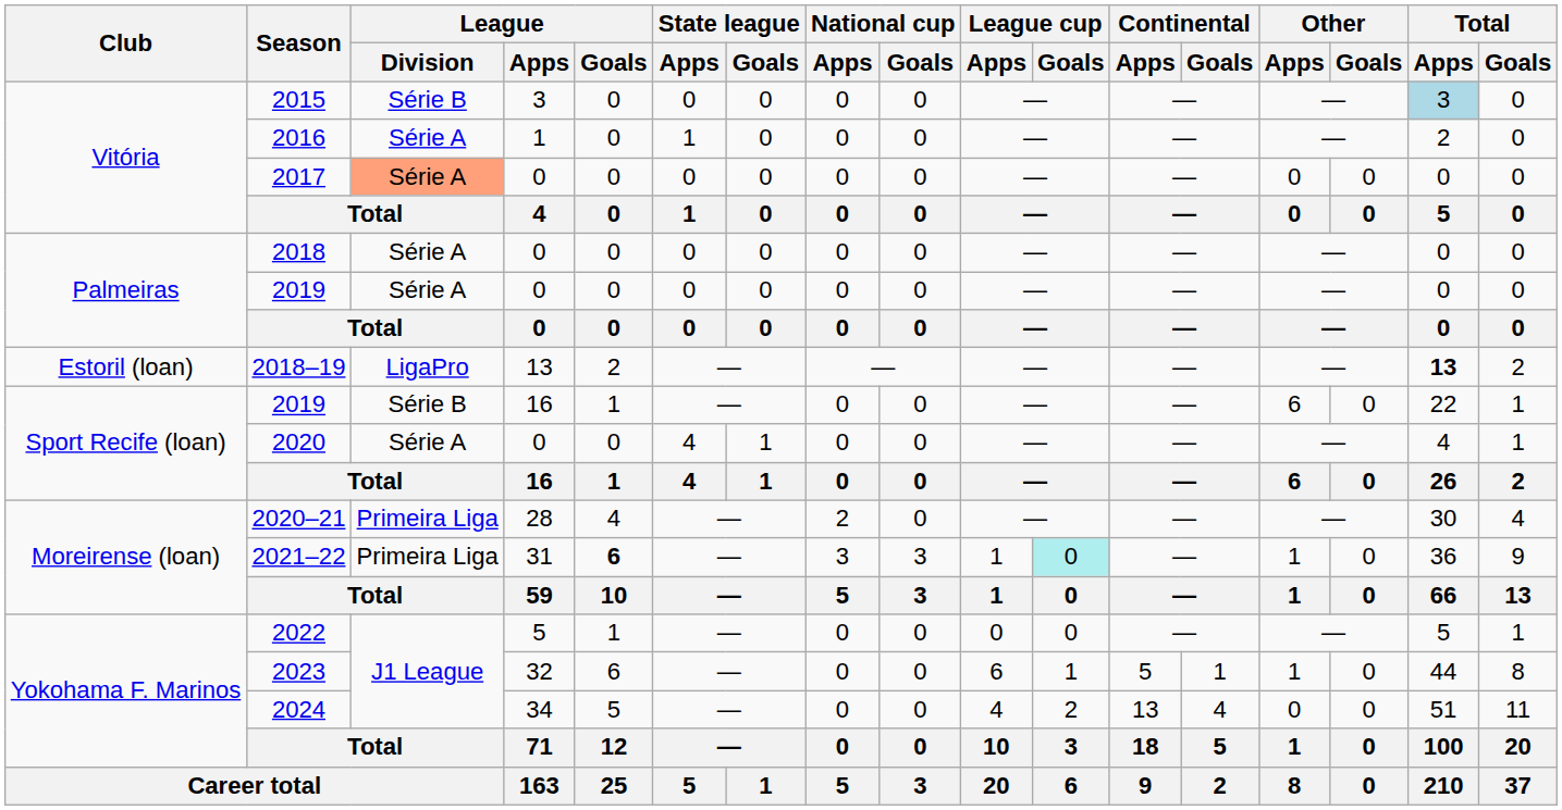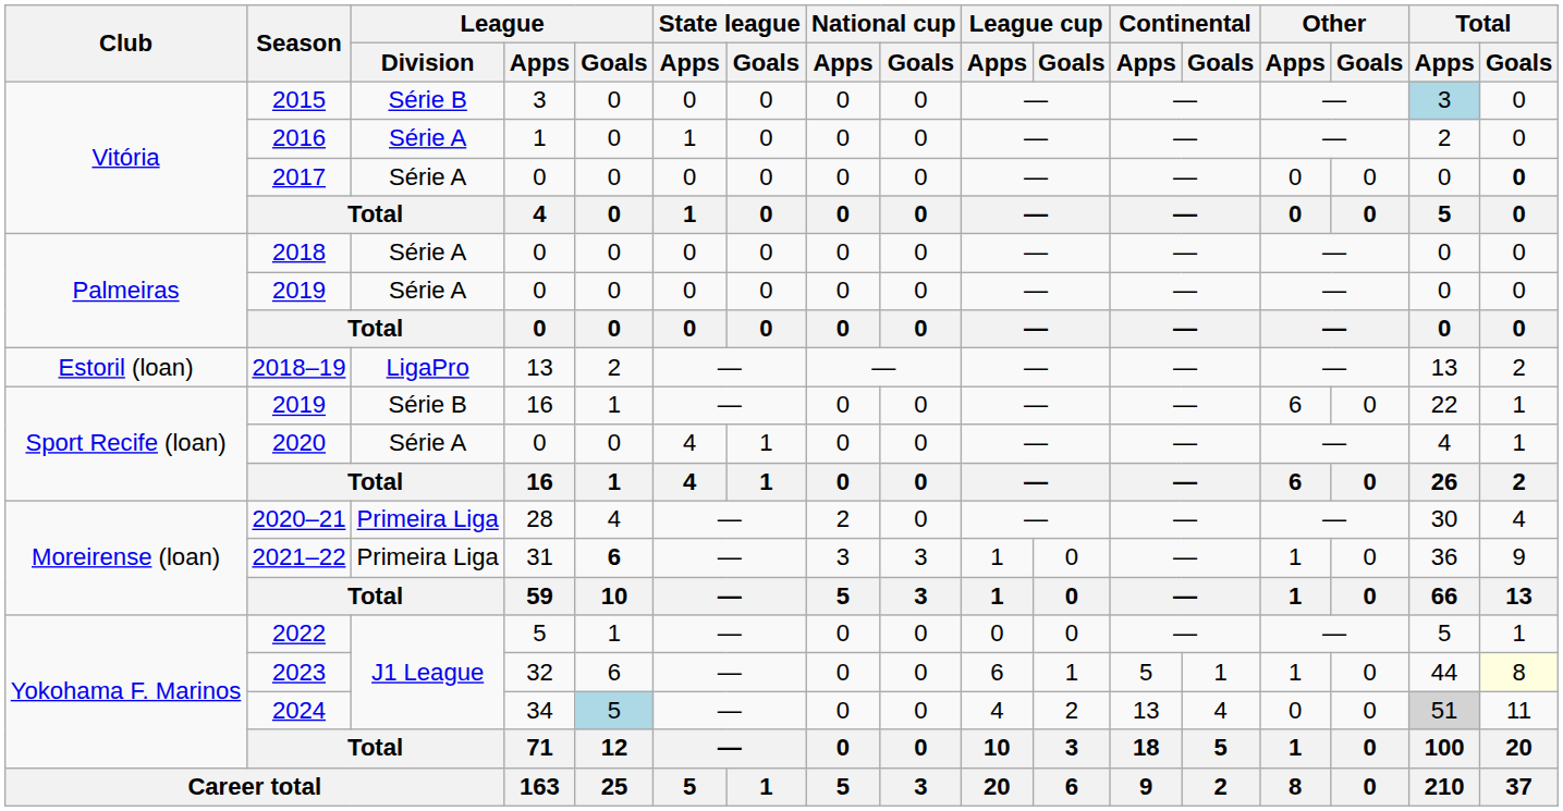 <table class="wikitable" style="text-align: center">
 <tr>
 <th rowspan="2">Club</th>
 <th rowspan="2">Season</th>
 <th colspan="3">League</th>
 <th colspan="2">State league</th>
 <th colspan="2">National cup</th>
 <th colspan="2">League cup</th>
 <th colspan="2">Continental</th>
 <th colspan="2">Other</th>
 <th colspan="2">Total</th>
 </tr>
 <tr>
 <th>Division</th>
 <th>Apps</th>
 <th>Goals</th>
 <th>Apps</th>
 <th>Goals</th>
 <th>Apps</th>
 <th>Goals</th>
 <th>Apps</th>
 <th>Goals</th>
 <th>Apps</th>
 <th>Goals</th>
 <th>Apps</th>
 <th>Goals</th>
 <th>Apps</th>
 <th>Goals</th>
 </tr>
 <tr>
 <td rowspan="4"><a href='#'>Vitória</a></td>
 <td><a href='#'>2015</a></td>
 <td><a href='#'>Série B</a></td>
 <td>3</td>
 <td>0</td>
 <td>0</td>
 <td>0</td>
 <td>0</td>
 <td>0</td>
 <td colspan="2">—</td>
 <td colspan="2">—</td>
 <td colspan="2">—</td>
 <td style="background: lightblue;">3</td>
 <td>0</td>
 </tr>
 <tr>
 <td><a href='#'>2016</a></td>
 <td><a href='#'>Série A</a></td>
 <td>1</td>
 <td>0</td>
 <td>1</td>
 <td>0</td>
 <td>0</td>
 <td>0</td>
 <td colspan="2">—</td>
 <td colspan="2">—</td>
 <td colspan="2">—</td>
 <td>2</td>
 <td>0</td>
 </tr>
 <tr>
 <td><a href='#'>2017</a></td>
-<td style="background: lightsalmon;">Série A</td>
+<td>Série A</td>
 <td>0</td>
 <td>0</td>
 <td>0</td>
 <td>0</td>
 <td>0</td>
 <td>0</td>
 <td colspan="2">—</td>
 <td colspan="2">—</td>
 <td>0</td>
 <td>0</td>
 <td>0</td>
-<td>0</td>
+<td><strong>0</strong></td>
 </tr>
 <tr>
 <th colspan="2">Total</th>
 <th>4</th>
 <th>0</th>
 <th>1</th>
 <th>0</th>
 <th>0</th>
 <th>0</th>
 <th colspan="2">—</th>
 <th colspan="2">—</th>
 <th>0</th>
 <th>0</th>
 <th>5</th>
 <th>0</th>
 </tr>
 <tr>
 <td rowspan="3"><a href='#'>Palmeiras</a></td>
 <td><a href='#'>2018</a></td>
 <td>Série A</td>
 <td>0</td>
 <td>0</td>
 <td>0</td>
 <td>0</td>
 <td>0</td>
 <td>0</td>
 <td colspan="2">—</td>
 <td colspan="2">—</td>
 <td colspan="2">—</td>
 <td>0</td>
 <td>0</td>
 </tr>
 <tr>
 <td><a href='#'>2019</a></td>
 <td>Série A</td>
 <td>0</td>
 <td>0</td>
 <td>0</td>
 <td>0</td>
 <td>0</td>
 <td>0</td>
 <td colspan="2">—</td>
 <td colspan="2">—</td>
 <td colspan="2">—</td>
 <td>0</td>
 <td>0</td>
 </tr>
 <tr>
 <th colspan="2">Total</th>
 <th>0</th>
 <th>0</th>
 <th>0</th>
 <th>0</th>
 <th>0</th>
 <th>0</th>
 <th colspan="2">—</th>
 <th colspan="2">—</th>
 <th colspan="2">—</th>
 <th>0</th>
 <th>0</th>
 </tr>
 <tr>
 <td><a href='#'>Estoril</a> (loan)</td>
 <td><a href='#'>2018–19</a></td>
 <td><a href='#'>LigaPro</a></td>
 <td>13</td>
 <td>2</td>
 <td colspan="2">—</td>
 <td colspan="2">—</td>
 <td colspan="2">—</td>
 <td colspan="2">—</td>
 <td colspan="2">—</td>
-<td><strong>13</strong></td>
+<td>13</td>
 <td>2</td>
 </tr>
 <tr>
 <td rowspan="3"><a href='#'>Sport Recife</a> (loan)</td>
 <td><a href='#'>2019</a></td>
 <td>Série B</td>
 <td>16</td>
 <td>1</td>
 <td colspan="2">—</td>
 <td>0</td>
 <td>0</td>
 <td colspan="2">—</td>
 <td colspan="2">—</td>
 <td>6</td>
 <td>0</td>
 <td>22</td>
 <td>1</td>
 </tr>
 <tr>
 <td><a href='#'>2020</a></td>
 <td>Série A</td>
 <td>0</td>
 <td>0</td>
 <td>4</td>
 <td>1</td>
 <td>0</td>
 <td>0</td>
 <td colspan="2">—</td>
 <td colspan="2">—</td>
 <td colspan="2">—</td>
 <td>4</td>
 <td>1</td>
 </tr>
 <tr>
 <th colspan="2">Total</th>
 <th>16</th>
 <th>1</th>
 <th>4</th>
 <th>1</th>
 <th>0</th>
 <th>0</th>
 <th colspan="2">—</th>
 <th colspan="2">—</th>
 <th>6</th>
 <th>0</th>
 <th>26</th>
 <th>2</th>
 </tr>
 <tr>
 <td rowspan="3"><a href='#'>Moreirense</a> (loan)</td>
 <td><a href='#'>2020–21</a></td>
 <td><a href='#'>Primeira Liga</a></td>
 <td>28</td>
 <td>4</td>
 <td colspan="2">—</td>
 <td>2</td>
 <td>0</td>
 <td colspan="2">—</td>
 <td colspan="2">—</td>
 <td colspan="2">—</td>
 <td>30</td>
 <td>4</td>
 </tr>
 <tr>
 <td><a href='#'>2021–22</a></td>
 <td>Primeira Liga</td>
 <td>31</td>
 <td><strong>6</strong></td>
 <td colspan="2">—</td>
 <td>3</td>
 <td>3</td>
 <td>1</td>
-<td style="background: paleturquoise;">0</td>
+<td>0</td>
 <td colspan="2">—</td>
 <td>1</td>
 <td>0</td>
 <td>36</td>
 <td>9</td>
 </tr>
 <tr>
 <th colspan="2"><strong>Total</strong></th>
 <th>59</th>
 <th>10</th>
 <th colspan="2">—</th>
 <th>5</th>
 <th>3</th>
 <th>1</th>
 <th>0</th>
 <th colspan="2">—</th>
 <th>1</th>
 <th>0</th>
 <th>66</th>
 <th>13</th>
 </tr>
 <tr>
 <td rowspan="4"><a href='#'>Yokohama F. Marinos</a></td>
 <td><a href='#'>2022</a></td>
 <td rowspan="3"><a href='#'>J1 League</a></td>
 <td>5</td>
 <td>1</td>
 <td colspan="2">—</td>
 <td>0</td>
 <td>0</td>
 <td>0</td>
 <td>0</td>
 <td colspan="2">—</td>
 <td colspan="2">—</td>
 <td>5</td>
 <td>1</td>
 </tr>
 <tr>
 <td><a href='#'>2023</a></td>
 <td>32</td>
 <td>6</td>
 <td colspan="2">—</td>
 <td>0</td>
 <td>0</td>
 <td>6</td>
 <td>1</td>
 <td>5</td>
 <td>1</td>
 <td>1</td>
 <td>0</td>
 <td>44</td>
-<td>8</td>
+<td style="background: lightyellow;">8</td>
 </tr>
 <tr>
 <td><a href='#'>2024</a></td>
 <td>34</td>
-<td>5</td>
+<td style="background: lightblue;">5</td>
 <td colspan="2">—</td>
 <td>0</td>
 <td>0</td>
 <td>4</td>
 <td>2</td>
 <td>13</td>
 <td>4</td>
 <td>0</td>
 <td>0</td>
-<td>51</td>
+<td style="background: lightgrey;">51</td>
 <td>11</td>
 </tr>
 <tr>
 <th colspan="2">Total</th>
 <th>71</th>
 <th>12</th>
 <th colspan="2">—</th>
 <th>0</th>
 <th>0</th>
 <th>10</th>
 <th>3</th>
 <th>18</th>
 <th>5</th>
 <th>1</th>
 <th>0</th>
 <th>100</th>
 <th>20</th>
 </tr>
 <tr>
 <th colspan="3"><strong>Career total</strong></th>
 <th>163</th>
 <th>25</th>
 <th>5</th>
 <th>1</th>
 <th>5</th>
 <th>3</th>
 <th>20</th>
 <th>6</th>
 <th>9</th>
 <th>2</th>
 <th>8</th>
 <th>0</th>
 <th>210</th>
 <th>37</th>
 </tr>
 </table>
